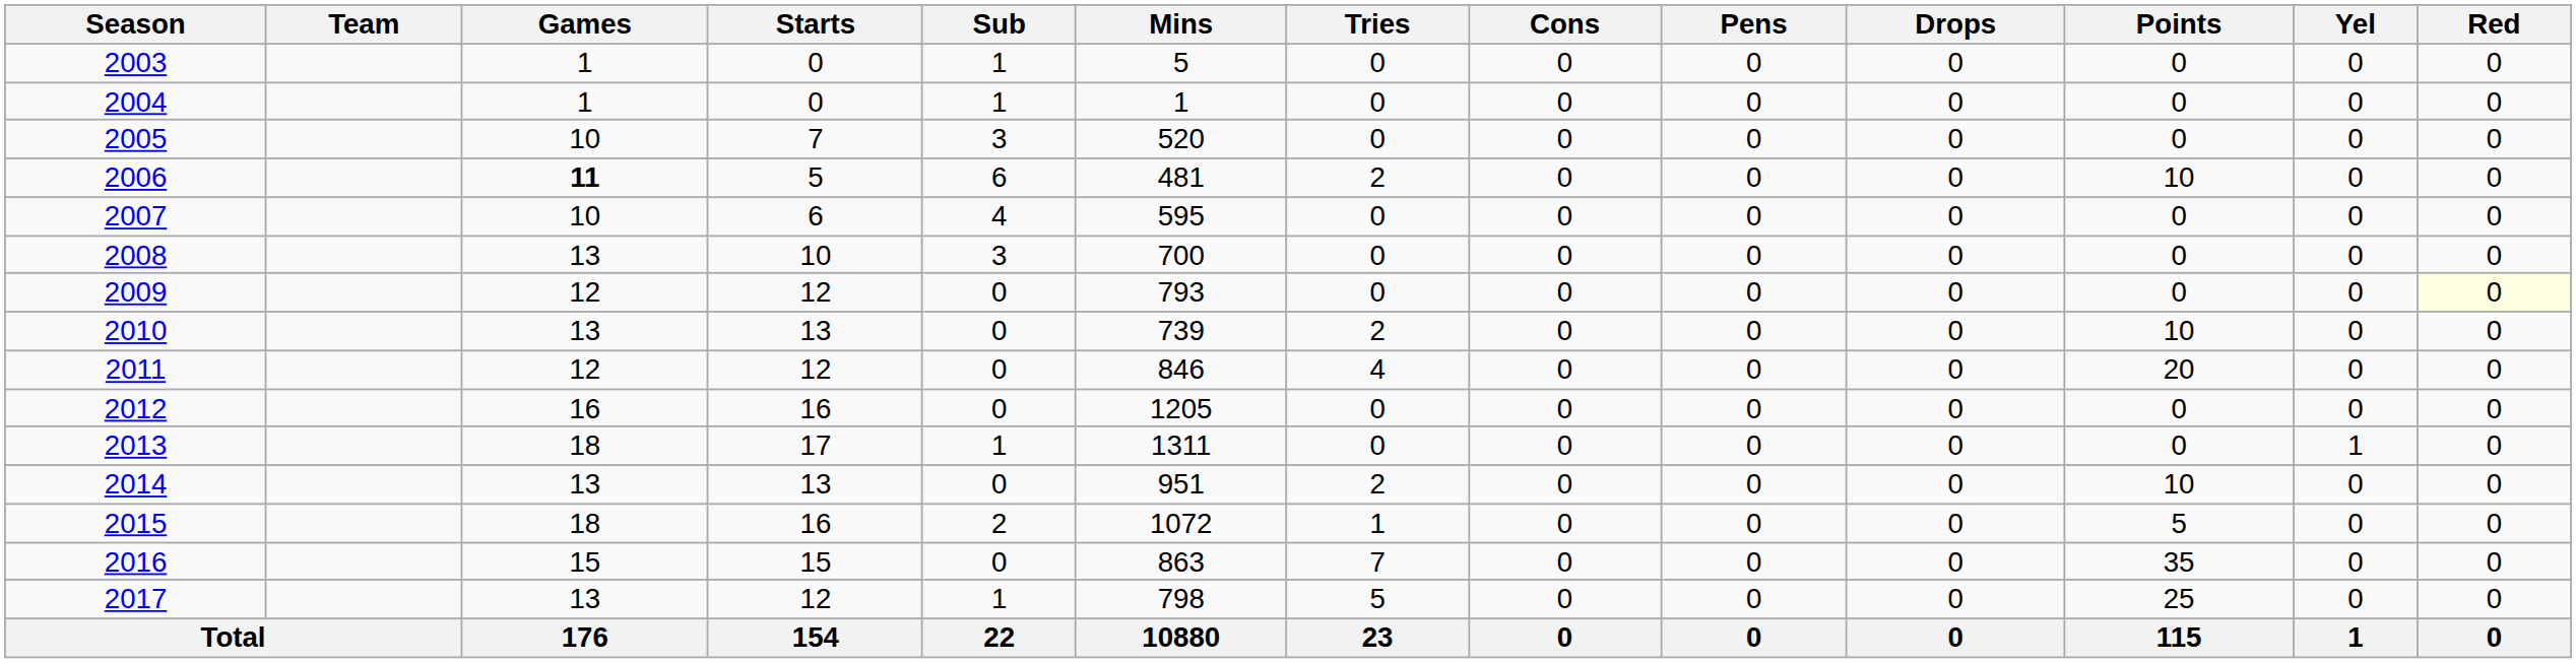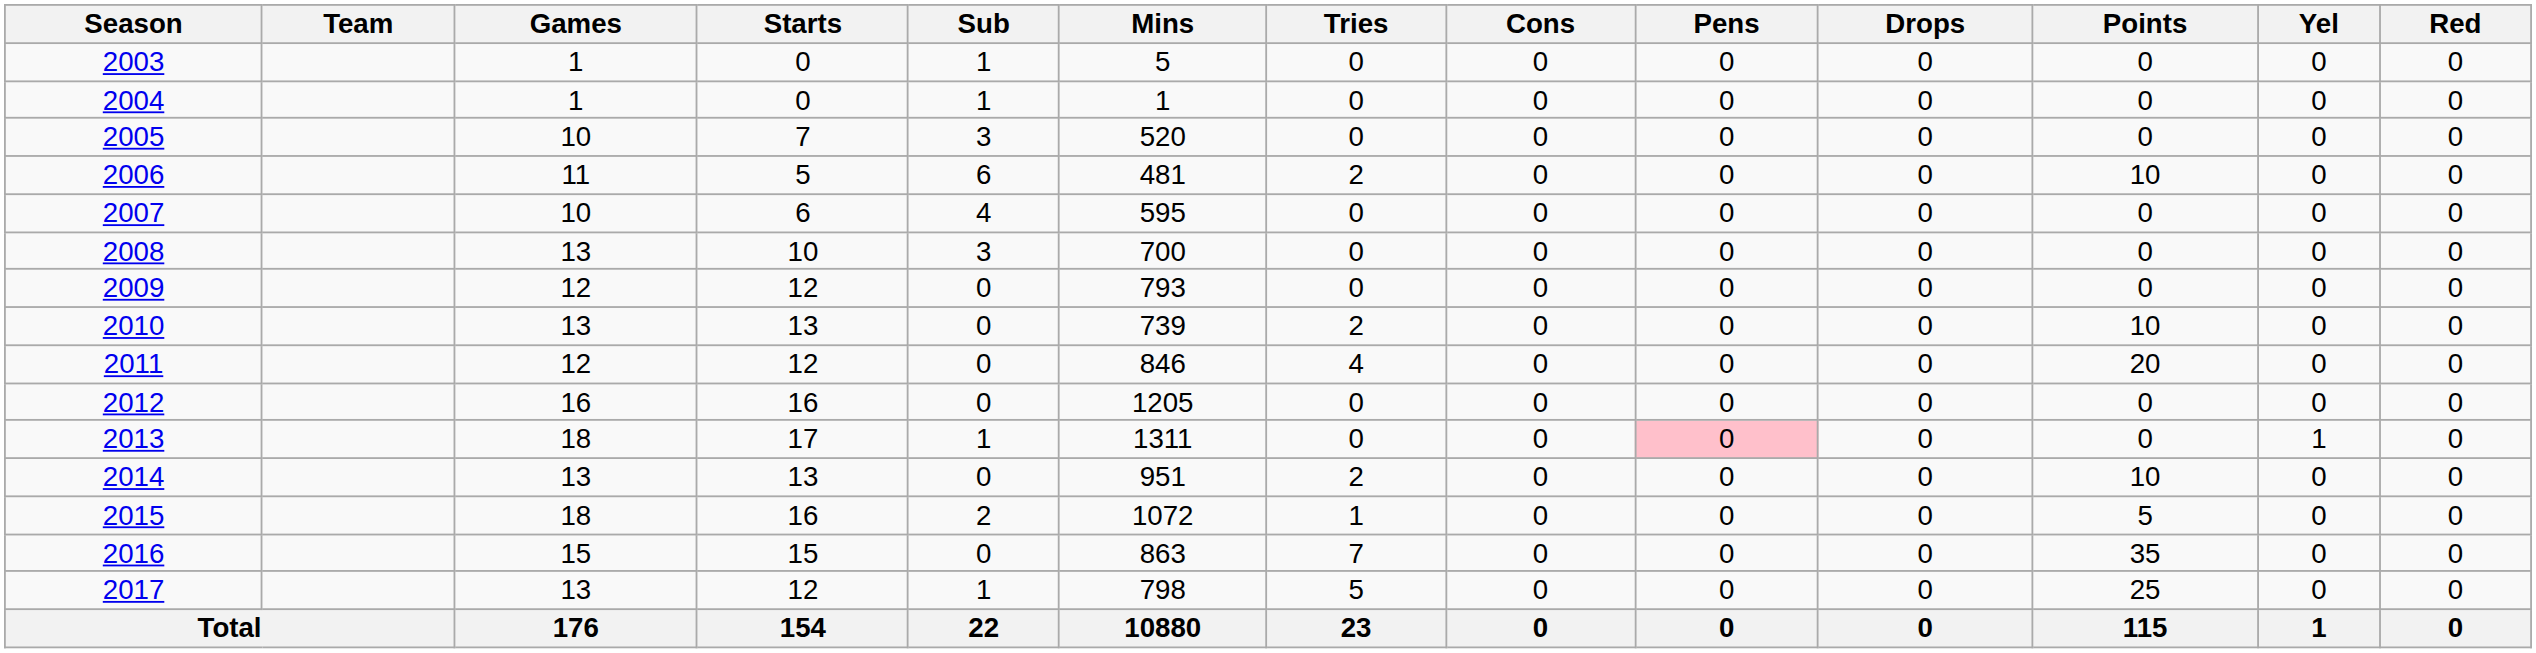 <table class="wikitable" style="text-align:center; line-height:90%; font-size:95%; width:70%;">
 <tr>
 <th>Season</th>
 <th>Team</th>
 <th>Games</th>
 <th>Starts</th>
 <th>Sub</th>
 <th>Mins</th>
 <th>Tries</th>
 <th>Cons</th>
 <th>Pens</th>
 <th>Drops</th>
 <th>Points</th>
 <th>Yel</th>
 <th>Red</th>
 </tr>
 <tr>
 <td><a href='#'>2003</a></td>
 <td></td>
 <td>1</td>
 <td>0</td>
 <td>1</td>
 <td>5</td>
 <td>0</td>
 <td>0</td>
 <td>0</td>
 <td>0</td>
 <td>0</td>
 <td>0</td>
 <td>0</td>
 </tr>
 <tr>
 <td><a href='#'>2004</a></td>
 <td></td>
 <td>1</td>
 <td>0</td>
 <td>1</td>
 <td>1</td>
 <td>0</td>
 <td>0</td>
 <td>0</td>
 <td>0</td>
 <td>0</td>
 <td>0</td>
 <td>0</td>
 </tr>
 <tr>
 <td><a href='#'>2005</a></td>
 <td></td>
 <td>10</td>
 <td>7</td>
 <td>3</td>
 <td>520</td>
 <td>0</td>
 <td>0</td>
 <td>0</td>
 <td>0</td>
 <td>0</td>
 <td>0</td>
 <td>0</td>
 </tr>
 <tr>
 <td><a href='#'>2006</a></td>
 <td></td>
-<td><strong>11</strong></td>
+<td>11</td>
 <td>5</td>
 <td>6</td>
 <td>481</td>
 <td>2</td>
 <td>0</td>
 <td>0</td>
 <td>0</td>
 <td>10</td>
 <td>0</td>
 <td>0</td>
 </tr>
 <tr>
 <td><a href='#'>2007</a></td>
 <td></td>
 <td>10</td>
 <td>6</td>
 <td>4</td>
 <td>595</td>
 <td>0</td>
 <td>0</td>
 <td>0</td>
 <td>0</td>
 <td>0</td>
 <td>0</td>
 <td>0</td>
 </tr>
 <tr>
 <td><a href='#'>2008</a></td>
 <td></td>
 <td>13</td>
 <td>10</td>
 <td>3</td>
 <td>700</td>
 <td>0</td>
 <td>0</td>
 <td>0</td>
 <td>0</td>
 <td>0</td>
 <td>0</td>
 <td>0</td>
 </tr>
 <tr>
 <td><a href='#'>2009</a></td>
 <td></td>
 <td>12</td>
 <td>12</td>
 <td>0</td>
 <td>793</td>
 <td>0</td>
 <td>0</td>
 <td>0</td>
 <td>0</td>
 <td>0</td>
 <td>0</td>
-<td style="background: lightyellow;">0</td>
+<td>0</td>
 </tr>
 <tr>
 <td><a href='#'>2010</a></td>
 <td></td>
 <td>13</td>
 <td>13</td>
 <td>0</td>
 <td>739</td>
 <td>2</td>
 <td>0</td>
 <td>0</td>
 <td>0</td>
 <td>10</td>
 <td>0</td>
 <td>0</td>
 </tr>
 <tr>
 <td><a href='#'>2011</a></td>
 <td></td>
 <td>12</td>
 <td>12</td>
 <td>0</td>
 <td>846</td>
 <td>4</td>
 <td>0</td>
 <td>0</td>
 <td>0</td>
 <td>20</td>
 <td>0</td>
 <td>0</td>
 </tr>
 <tr>
 <td><a href='#'>2012</a></td>
 <td></td>
 <td>16</td>
 <td>16</td>
 <td>0</td>
 <td>1205</td>
 <td>0</td>
 <td>0</td>
 <td>0</td>
 <td>0</td>
 <td>0</td>
 <td>0</td>
 <td>0</td>
 </tr>
 <tr>
 <td><a href='#'>2013</a></td>
 <td></td>
 <td>18</td>
 <td>17</td>
 <td>1</td>
 <td>1311</td>
 <td>0</td>
 <td>0</td>
-<td>0</td>
+<td style="background: pink;">0</td>
 <td>0</td>
 <td>0</td>
 <td>1</td>
 <td>0</td>
 </tr>
 <tr>
 <td><a href='#'>2014</a></td>
 <td></td>
 <td>13</td>
 <td>13</td>
 <td>0</td>
 <td>951</td>
 <td>2</td>
 <td>0</td>
 <td>0</td>
 <td>0</td>
 <td>10</td>
 <td>0</td>
 <td>0</td>
 </tr>
 <tr>
 <td><a href='#'>2015</a></td>
 <td></td>
 <td>18</td>
 <td>16</td>
 <td>2</td>
 <td>1072</td>
 <td>1</td>
 <td>0</td>
 <td>0</td>
 <td>0</td>
 <td>5</td>
 <td>0</td>
 <td>0</td>
 </tr>
 <tr>
 <td><a href='#'>2016</a></td>
 <td></td>
 <td>15</td>
 <td>15</td>
 <td>0</td>
 <td>863</td>
 <td>7</td>
 <td>0</td>
 <td>0</td>
 <td>0</td>
 <td>35</td>
 <td>0</td>
 <td>0</td>
 </tr>
 <tr>
 <td><a href='#'>2017</a></td>
 <td></td>
 <td>13</td>
 <td>12</td>
 <td>1</td>
 <td>798</td>
 <td>5</td>
 <td>0</td>
 <td>0</td>
 <td>0</td>
 <td>25</td>
 <td>0</td>
 <td>0</td>
 </tr>
 <tr>
 <th colspan="2">Total</th>
 <th>176</th>
 <th>154</th>
 <th>22</th>
 <th>10880</th>
 <th>23</th>
 <th>0</th>
 <th>0</th>
 <th>0</th>
 <th>115</th>
 <th>1</th>
 <th>0</th>
 </tr>
 </table>
